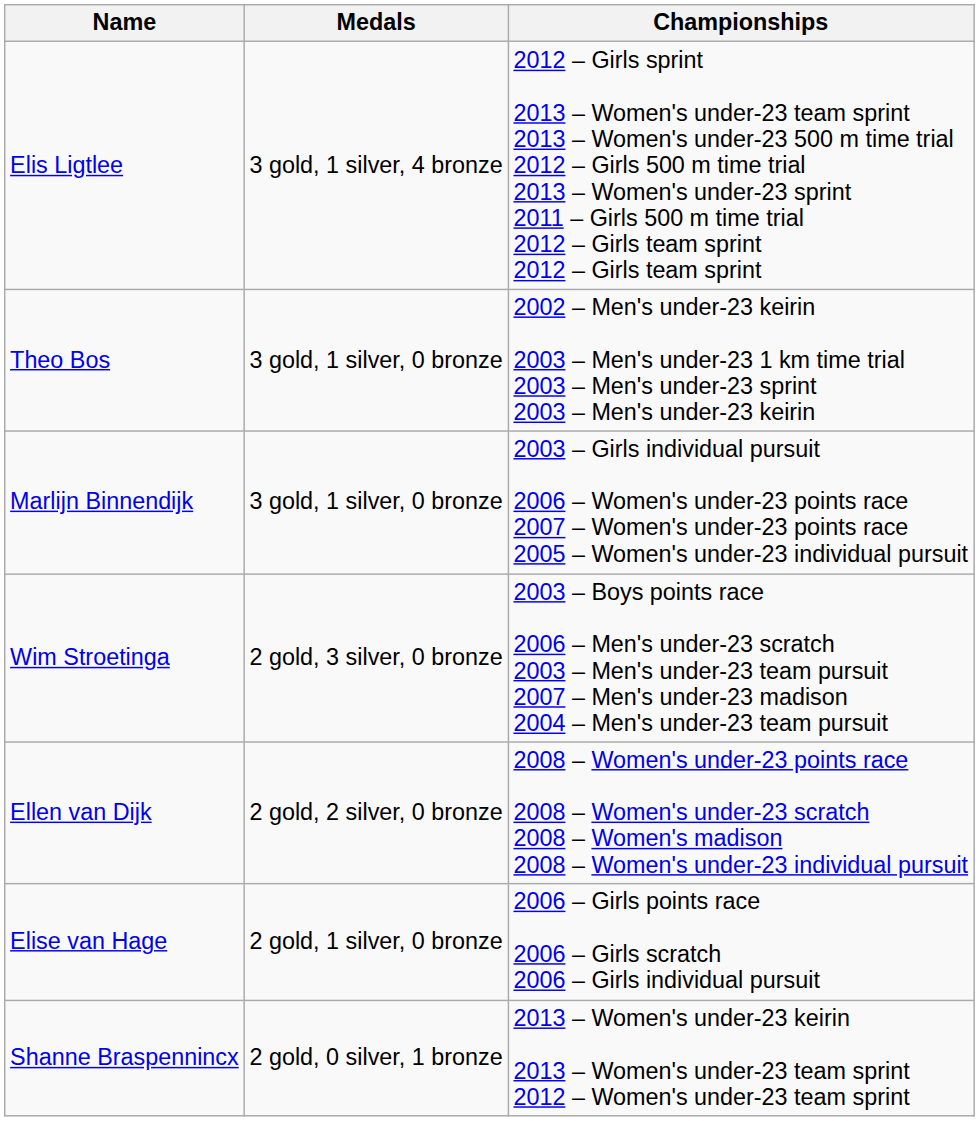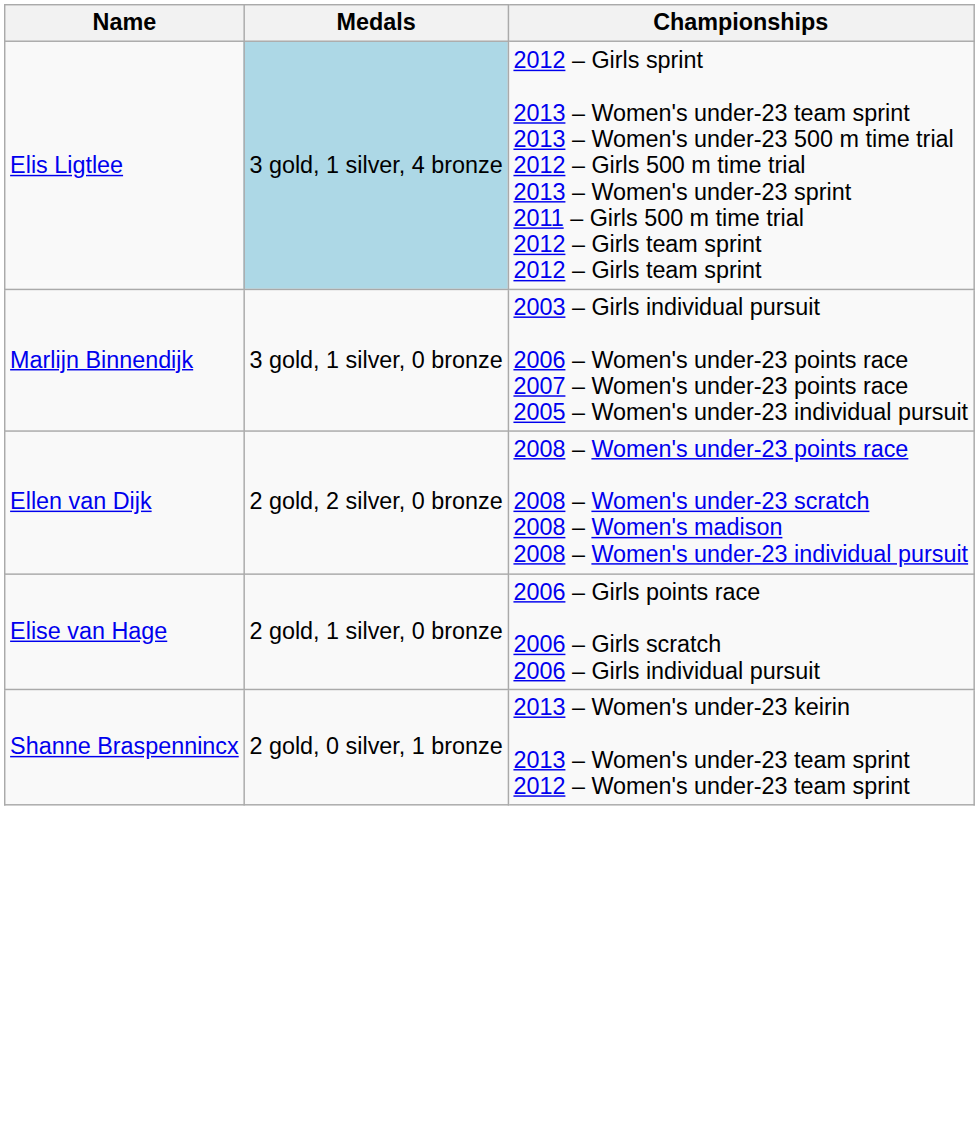 <table class="wikitable">
 <tr>
 <th>Name</th>
 <th>Medals</th>
 <th>Championships</th>
 </tr>
 <tr>
 <td><a href='#'>Elis Ligtlee</a></td>
-<td>3 gold, 1 silver, 4 bronze</td>
+<td style="background: lightblue;">3 gold, 1 silver, 4 bronze</td>
 <td> <a href='#'>2012</a> – Girls sprint<br><br> <a href='#'>2013</a> – Women's under-23 team sprint<br>  <a href='#'>2013</a> – Women's under-23 500 m time trial<br>  <a href='#'>2012</a> – Girls 500 m time trial<br>  <a href='#'>2013</a> – Women's under-23 sprint<br>  <a href='#'>2011</a> – Girls 500 m time trial<br>  <a href='#'>2012</a> – Girls team sprint<br>  <a href='#'>2012</a> – Girls team sprint</td>
-</tr>
-<tr>
-<td><a href='#'>Theo Bos</a></td>
-<td>3 gold, 1 silver, 0 bronze</td>
-<td> <a href='#'>2002</a> – Men's under-23 keirin<br><br> <a href='#'>2003</a> – Men's under-23 1 km time trial<br>  <a href='#'>2003</a> – Men's under-23 sprint<br>  <a href='#'>2003</a> – Men's under-23 keirin</td>
 </tr>
 <tr>
 <td><a href='#'>Marlijn Binnendijk</a></td>
 <td>3 gold, 1 silver, 0 bronze</td>
 <td> <a href='#'>2003</a> – Girls individual pursuit<br><br> <a href='#'>2006</a> – Women's under-23 points race<br>  <a href='#'>2007</a> – Women's under-23 points race<br>  <a href='#'>2005</a> – Women's under-23 individual pursuit</td>
-</tr>
-<tr>
-<td><a href='#'>Wim Stroetinga</a></td>
-<td>2 gold, 3 silver, 0 bronze</td>
-<td> <a href='#'>2003</a> – Boys points race<br><br> <a href='#'>2006</a> – Men's under-23 scratch<br>  <a href='#'>2003</a> – Men's under-23 team pursuit<br>  <a href='#'>2007</a> – Men's under-23 madison<br>  <a href='#'>2004</a> – Men's under-23 team pursuit</td>
 </tr>
 <tr>
 <td><a href='#'>Ellen van Dijk</a></td>
 <td>2 gold, 2 silver, 0 bronze</td>
 <td> <a href='#'>2008</a> – <a href='#'>Women's under-23 points race</a><br><br> <a href='#'>2008</a> – <a href='#'>Women's under-23 scratch</a><br>  <a href='#'>2008</a> – <a href='#'>Women's madison</a><br>  <a href='#'>2008</a> – <a href='#'>Women's under-23 individual pursuit</a></td>
 </tr>
 <tr>
 <td><a href='#'>Elise van Hage</a></td>
 <td>2 gold, 1 silver, 0 bronze</td>
 <td> <a href='#'>2006</a> – Girls points race<br><br> <a href='#'>2006</a> – Girls scratch<br>  <a href='#'>2006</a> – Girls individual pursuit</td>
 </tr>
 <tr>
 <td><a href='#'>Shanne Braspennincx</a></td>
 <td>2 gold, 0 silver, 1 bronze</td>
 <td> <a href='#'>2013</a> – Women's under-23 keirin<br><br> <a href='#'>2013</a> – Women's under-23 team sprint<br>  <a href='#'>2012</a> – Women's under-23 team sprint</td>
 </tr>
 </table>
